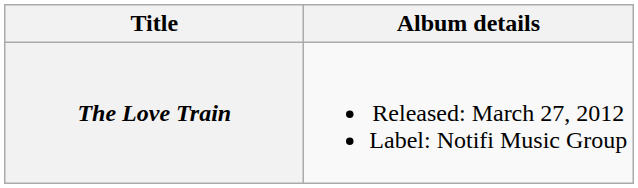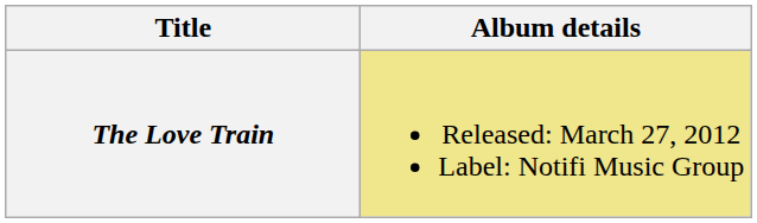 <table class="wikitable plainrowheaders" style="text-align:center;" border="1">
 <tr>
 <th scope="col" rowspan="1" style="width:12em;">Title</th>
 <th scope="col" rowspan="1">Album details</th>
 </tr>
 <tr>
 <th scope="row"><em>The Love Train</em></th>
-<td><br><ul><li>Released: March 27, 2012</li><li>Label: Notifi Music Group</li></ul></td>
+<td style="background: khaki;"><br><ul><li>Released: March 27, 2012</li><li>Label: Notifi Music Group</li></ul></td>
 </tr>
 </table>
